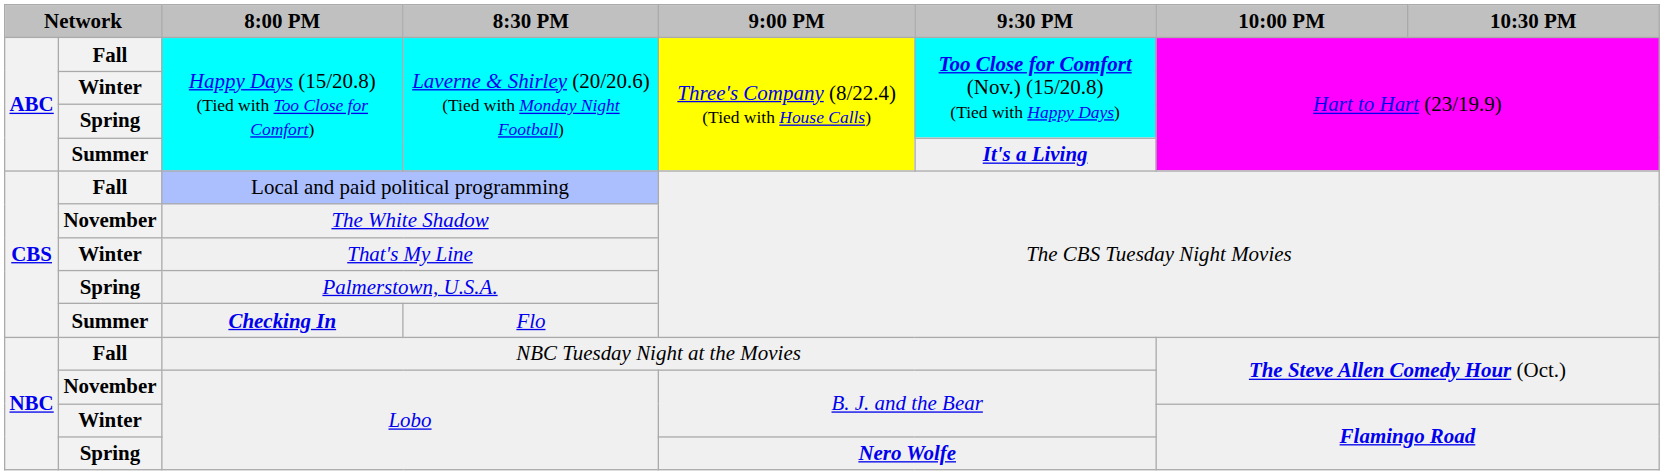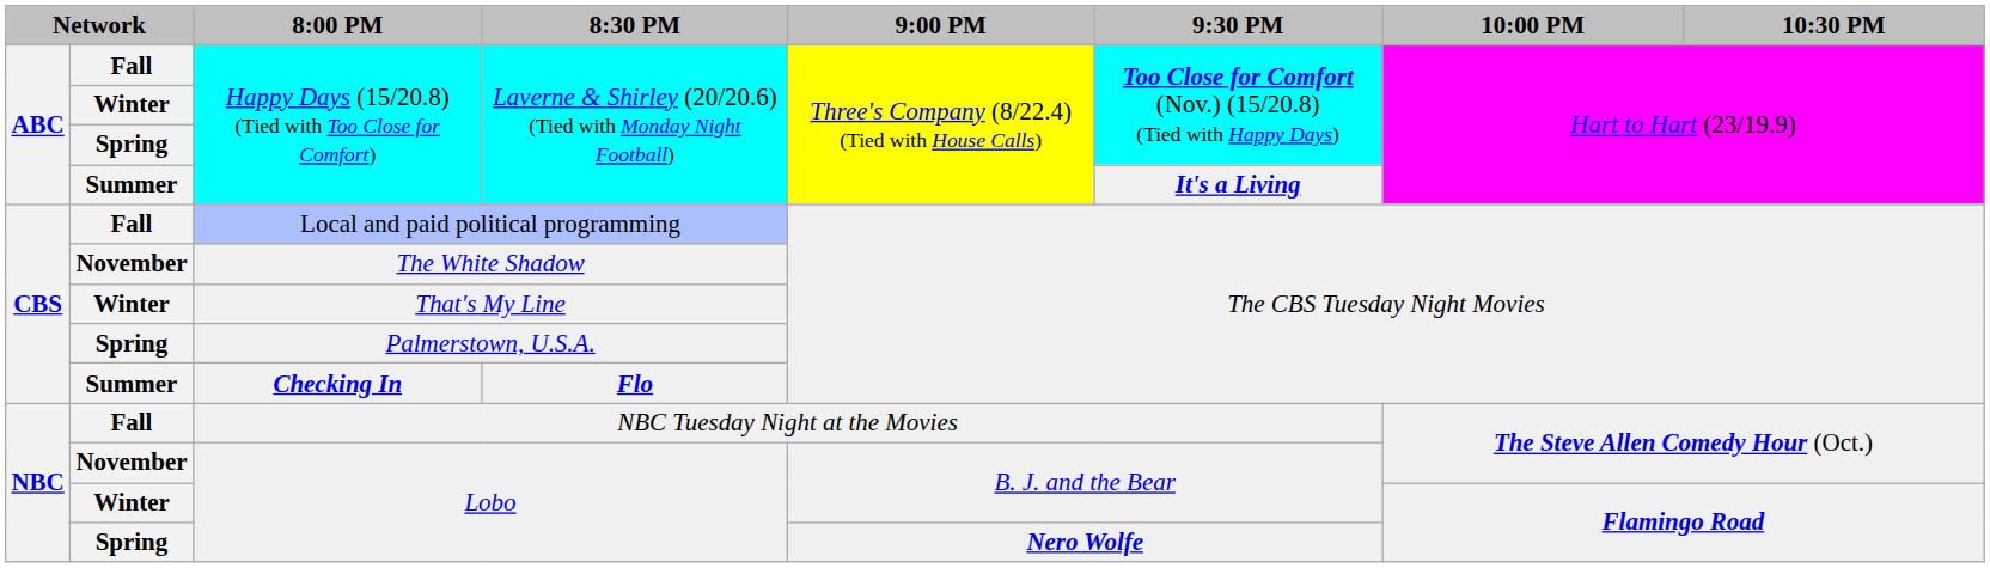 <table class="wikitable plainrowheaders" style="width:100%; margin:auto; text-align:center;">
 <tr>
 <th colspan="2" style="background-color:#C0C0C0;text-align:center">Network</th>
 <th width="16%" style="background-color:#C0C0C0;text-align:center">8:00 PM</th>
 <th width="17%" style="background-color:#C0C0C0;text-align:center">8:30 PM</th>
 <th width="17%" style="background-color:#C0C0C0;text-align:center">9:00 PM</th>
 <th width="16%" style="background-color:#C0C0C0;text-align:center">9:30 PM</th>
 <th width="17%" style="background-color:#C0C0C0;text-align:center">10:00 PM</th>
 <th width="17%" style="background-color:#C0C0C0;text-align:center">10:30 PM</th>
 </tr>
 <tr>
 <th bgcolor="#C0C0C0" rowspan="4"><a href='#'>ABC</a></th>
 <th>Fall</th>
 <td bgcolor="#00FFFF" rowspan="4"><em><a href='#'>Happy Days</a></em> (15/20.8)<br><small>(Tied with <em><a href='#'>Too Close for Comfort</a></em>)</small></td>
 <td bgcolor="#00FFFF" rowspan="4"><em><a href='#'>Laverne & Shirley</a></em> (20/20.6)<br><small>(Tied with <em><a href='#'>Monday Night Football</a></em>)</small></td>
 <td bgcolor="#FFFF00" rowspan="4"><em><a href='#'>Three's Company</a></em> (8/22.4)<br><small>(Tied with <em><a href='#'>House Calls</a></em>)</small></td>
 <td bgcolor="#00FFFF" rowspan="3"><strong><em><a href='#'>Too Close for Comfort</a></em></strong> (Nov.) (15/20.8)<br><small>(Tied with <em><a href='#'>Happy Days</a></em>)</small></td>
 <td bgcolor="#FF00FF" colspan="2" rowspan="4"><em><a href='#'>Hart to Hart</a></em> (23/19.9)</td>
 </tr>
 <tr>
 <th>Winter</th>
 </tr>
 <tr>
 <th>Spring</th>
 </tr>
 <tr>
 <th>Summer</th>
 <td bgcolor="#F0F0F0"><strong><em><a href='#'>It's a Living</a></em></strong></td>
 </tr>
 <tr>
 <th bgcolor="#C0C0C0" rowspan="5"><a href='#'>CBS</a></th>
 <th>Fall</th>
 <td bgcolor="#abbfff" colspan="2">Local and paid political programming</td>
 <td bgcolor="#F0F0F0" colspan="4" rowspan="5"><em>The CBS Tuesday Night Movies</em></td>
 </tr>
 <tr>
 <th>November</th>
 <td bgcolor="#F0F0F0" colspan="2"><em><a href='#'>The White Shadow</a></em></td>
 </tr>
 <tr>
 <th>Winter</th>
 <td bgcolor="#F0F0F0" colspan="2"><em><a href='#'>That's My Line</a></em></td>
 </tr>
 <tr>
 <th>Spring</th>
 <td bgcolor="#F0F0F0" colspan="2"><em><a href='#'>Palmerstown, U.S.A.</a></em></td>
 </tr>
 <tr>
 <th>Summer</th>
 <td bgcolor="#F0F0F0"><strong><em><a href='#'>Checking In</a></em></strong></td>
-<td bgcolor="#F0F0F0"><em><a href='#'>Flo</a></em></td>
+<td bgcolor="#F0F0F0"><strong><em><a href='#'>Flo</a></em></strong></td>
 </tr>
 <tr>
 <th bgcolor="#C0C0C0" rowspan="4"><a href='#'>NBC</a></th>
 <th>Fall</th>
 <td bgcolor="#F0F0F0" colspan="4"><em>NBC Tuesday Night at the Movies</em></td>
 <td bgcolor="#F0F0F0" colspan="2" rowspan="2"><strong><em><a href='#'>The Steve Allen Comedy Hour</a></em></strong> (Oct.)</td>
 </tr>
 <tr>
 <th>November</th>
 <td bgcolor="#F0F0F0" colspan="2" rowspan="3"><em><a href='#'>Lobo</a></em></td>
 <td bgcolor="#F0F0F0" colspan="2" rowspan="2"><em><a href='#'>B. J. and the Bear</a></em></td>
 </tr>
 <tr>
 <th>Winter</th>
 <td bgcolor="#F0F0F0" colspan="2" rowspan="2"><strong><em><a href='#'>Flamingo Road</a></em></strong></td>
 </tr>
 <tr>
 <th>Spring</th>
 <td bgcolor="#F0F0F0" colspan="2"><strong><em><a href='#'>Nero Wolfe</a></em></strong></td>
 </tr>
 </table>
